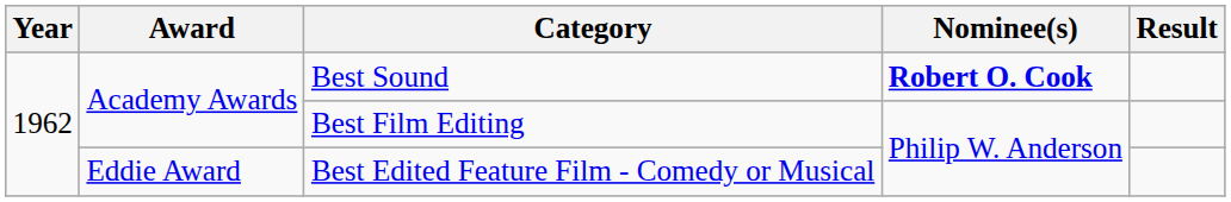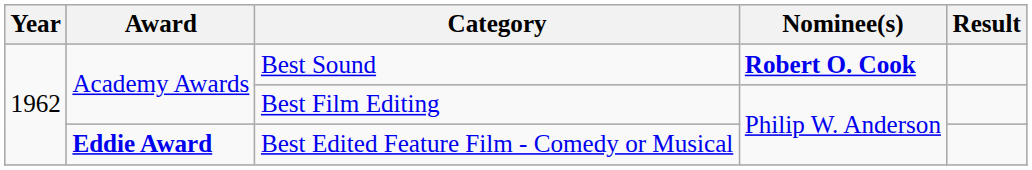 <table class="wikitable plainrowheaders">
 <tr>
 <th>Year</th>
 <th>Award</th>
 <th>Category</th>
 <th>Nominee(s)</th>
 <th>Result</th>
 </tr>
 <tr>
 <td scope="row" rowspan=3>1962</td>
 <td scope="row" rowspan=2><a href='#'>Academy Awards</a> </td>
 <td><a href='#'>Best Sound</a></td>
 <td><strong><a href='#'>Robert O. Cook</a> </strong></td>
 <td></td>
 </tr>
 <tr>
 <td><a href='#'>Best Film Editing</a></td>
 <td scope="row" rowspan=2><a href='#'>Philip W. Anderson</a></td>
 <td></td>
 </tr>
 <tr>
-<td><a href='#'>Eddie Award</a></td>
+<td><strong><a href='#'>Eddie Award</a></strong></td>
 <td><a href='#'>Best Edited Feature Film - Comedy or Musical</a></td>
 <td></td>
 </tr>
 </table>
